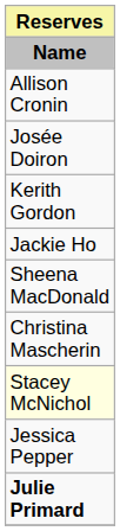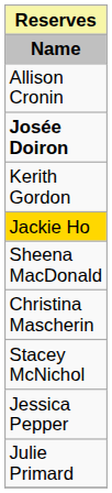 <table class="wikitable" style="text-align:left; font-size:90%;">
 <tr>
 <th style=background:#f7f6a8 colspan=3>Reserves</th>
 </tr>
 <tr>
 <th width=10 style="background:silver;">Name</th>
 </tr>
 <tr>
 <td>Allison Cronin</td>
 </tr>
 <tr>
-<td>Josée Doiron</td>
+<td><strong>Josée Doiron</strong></td>
 </tr>
 <tr>
 <td>Kerith Gordon</td>
 </tr>
 <tr>
-<td>Jackie Ho</td>
+<td style="background: gold;">Jackie Ho</td>
 </tr>
 <tr>
 <td>Sheena MacDonald</td>
 </tr>
 <tr>
 <td>Christina Mascherin</td>
 </tr>
 <tr>
-<td style="background: lightyellow;">Stacey McNichol</td>
+<td>Stacey McNichol</td>
 </tr>
 <tr>
 <td>Jessica Pepper</td>
 </tr>
 <tr>
-<td><strong>Julie Primard</strong></td>
+<td>Julie Primard</td>
 </tr>
 <tr>
 </tr>
 </table>
